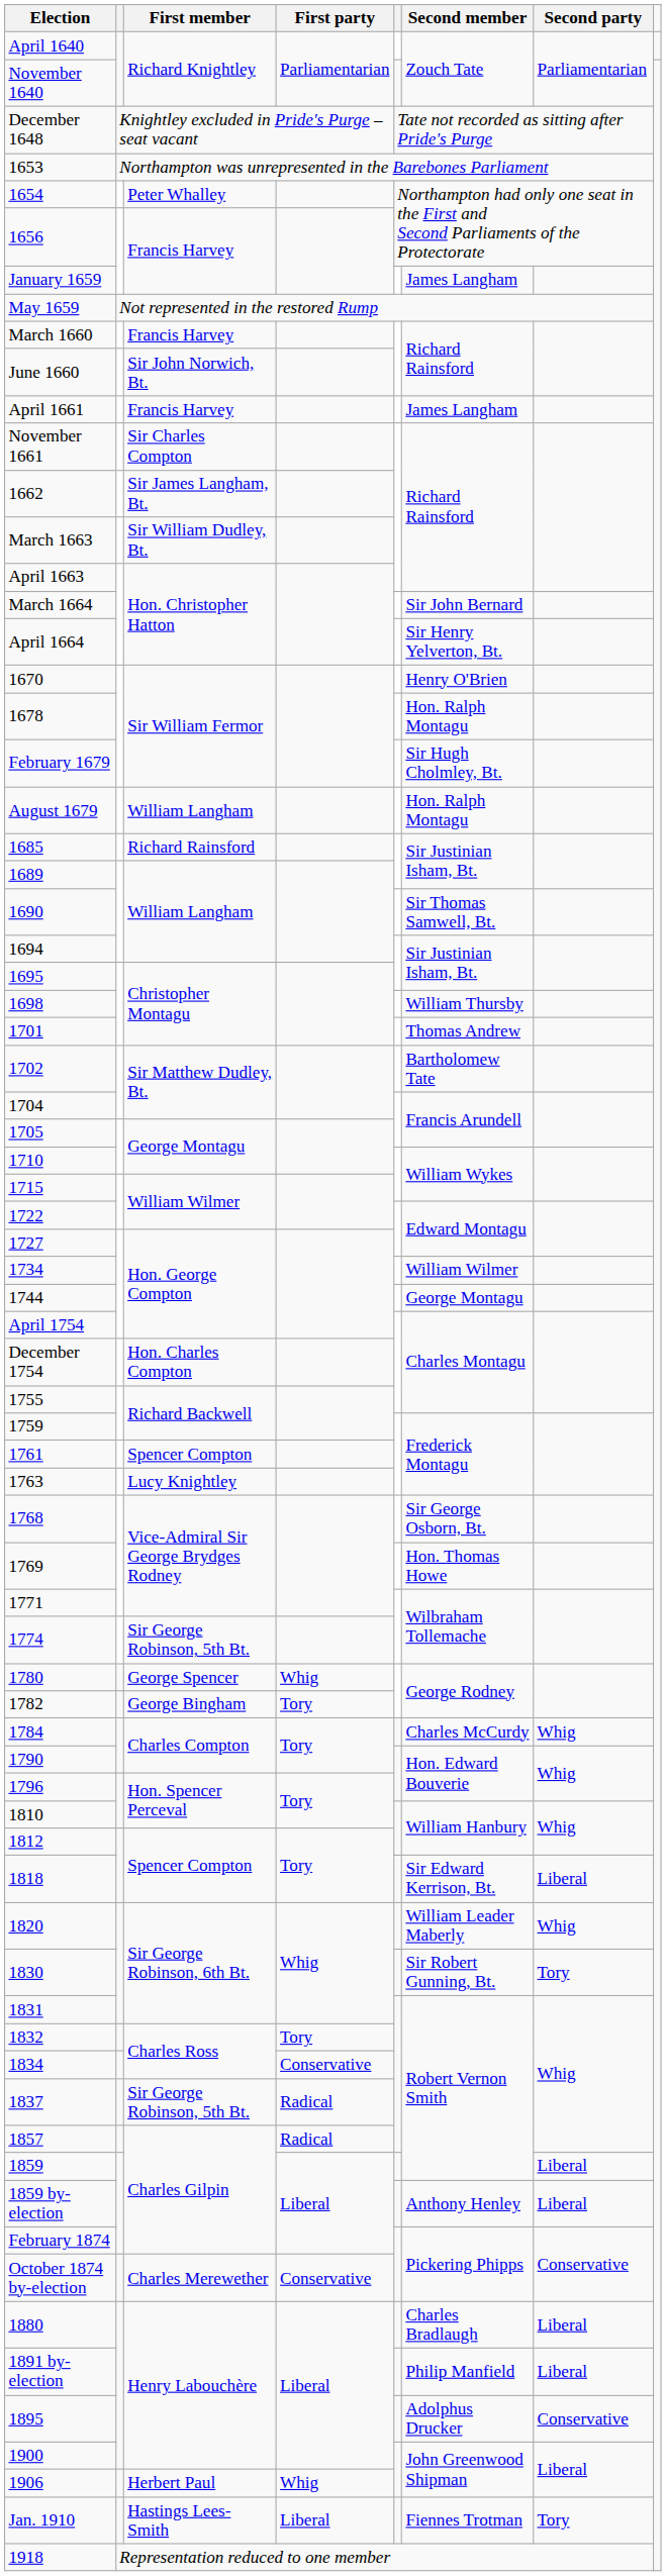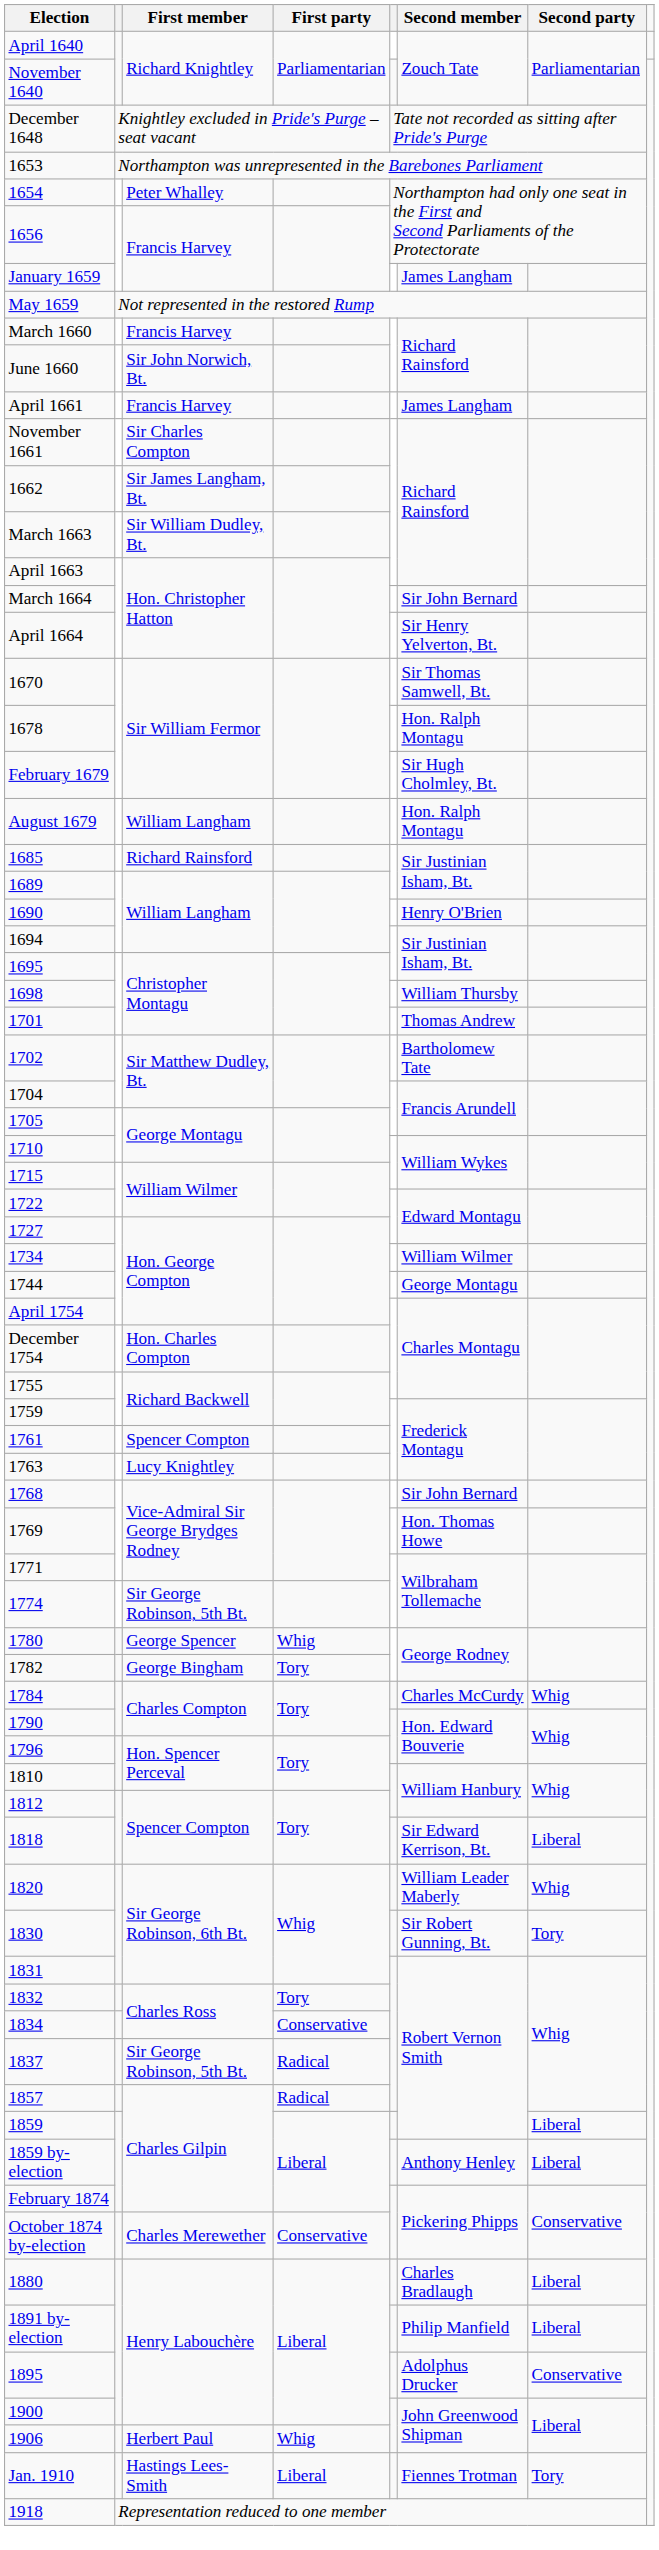 <table class="wikitable">
 <tr>
 <th>Election</th>
 <th></th>
 <th>First member</th>
 <th>First party</th>
 <th></th>
 <th>Second member</th>
 <th>Second party</th>
 </tr>
 <tr>
 <td><a href='#'>April 1640</a></td>
 <td rowspan="2" style="color:inherit;background-color: "></td>
 <td rowspan="2"><a href='#'>Richard Knightley</a></td>
 <td rowspan="2"><a href='#'>Parliamentarian</a></td>
 <td style="color:inherit;background-color: white"></td>
 <td rowspan = "2"><a href='#'>Zouch Tate</a></td>
 <td rowspan = "2"><a href='#'>Parliamentarian</a></td>
 <td></td>
 </tr>
 <tr>
 <td><a href='#'>November 1640</a></td>
 </tr>
 <tr>
 <td>December 1648</td>
 <td colspan="3"><em>Knightley excluded in <a href='#'>Pride's Purge</a> – seat vacant</em></td>
 <td colspan="3"><em>Tate not recorded as sitting after <a href='#'>Pride's Purge</a></em></td>
 </tr>
 <tr>
 <td>1653</td>
 <td colspan="6"><em>Northampton was unrepresented in the <a href='#'>Barebones Parliament</a></em></td>
 </tr>
 <tr>
 <td><a href='#'>1654</a></td>
 <td style="color:inherit;background-color: white"></td>
 <td><a href='#'>Peter Whalley</a></td>
 <td></td>
 <td rowspan="2" colspan="3"><em>Northampton had only one seat in the <a href='#'>First</a>  and <br><a href='#'>Second</a> Parliaments of the Protectorate</em></td>
 </tr>
 <tr>
 <td><a href='#'>1656</a></td>
 <td rowspan="2" style="color:inherit;background-color: white"></td>
 <td rowspan="2"><a href='#'>Francis Harvey</a></td>
 <td rowspan="2"></td>
 </tr>
 <tr>
 <td><a href='#'>January 1659</a></td>
 <td style="color:inherit;background-color: white"></td>
 <td><a href='#'>James Langham</a></td>
 <td></td>
 </tr>
 <tr>
 <td><a href='#'>May 1659</a></td>
 <td colspan="6"><em>Not represented in the restored <a href='#'>Rump</a></em></td>
 </tr>
 <tr>
 <td>March 1660</td>
 <td style="color:inherit;background-color: white"></td>
 <td><a href='#'>Francis Harvey</a></td>
 <td></td>
 <td rowspan="2" style="color:inherit;background-color: white"></td>
 <td rowspan="2"><a href='#'>Richard Rainsford</a></td>
 <td rowspan="2"></td>
 </tr>
 <tr>
 <td>June 1660</td>
 <td style="color:inherit;background-color: white"></td>
 <td><a href='#'>Sir John Norwich, Bt.</a></td>
 <td></td>
 </tr>
 <tr>
 <td>April 1661</td>
 <td style="color:inherit;background-color: white"></td>
 <td><a href='#'>Francis Harvey</a></td>
 <td></td>
 <td style="color:inherit;background-color: white"></td>
 <td><a href='#'>James Langham</a></td>
 <td></td>
 </tr>
 <tr>
 <td>November 1661</td>
 <td style="color:inherit;background-color: white"></td>
 <td><a href='#'>Sir Charles Compton</a></td>
 <td></td>
 <td rowspan="4" style="color:inherit;background-color: white"></td>
 <td rowspan="4"><a href='#'>Richard Rainsford</a></td>
 <td rowspan="4"></td>
 </tr>
 <tr>
 <td>1662</td>
 <td style="color:inherit;background-color: white"></td>
 <td><a href='#'>Sir James Langham, Bt.</a></td>
 <td></td>
 </tr>
 <tr>
 <td>March 1663</td>
 <td style="color:inherit;background-color: white"></td>
 <td><a href='#'>Sir William Dudley, Bt.</a></td>
 <td></td>
 </tr>
 <tr>
 <td>April 1663</td>
 <td rowspan="3" style="color:inherit;background-color: white"></td>
 <td rowspan="3"><a href='#'>Hon. Christopher Hatton</a></td>
 <td rowspan="3"></td>
 </tr>
 <tr>
 <td>March 1664</td>
 <td style="color:inherit;background-color: white"></td>
 <td><a href='#'>Sir John Bernard</a></td>
 <td></td>
 </tr>
 <tr>
 <td>April 1664</td>
 <td style="color:inherit;background-color: white"></td>
 <td><a href='#'>Sir Henry Yelverton, Bt.</a></td>
 <td></td>
 </tr>
 <tr>
 <td>1670</td>
 <td rowspan="3" style="color:inherit;background-color: white"></td>
 <td rowspan="3"><a href='#'>Sir William Fermor</a></td>
 <td rowspan="3"></td>
 <td style="color:inherit;background-color: white"></td>
-<td><a href='#'>Henry O'Brien</a></td>
+<td><a href='#'>Sir Thomas Samwell, Bt.</a></td>
 <td></td>
 </tr>
 <tr>
 <td>1678</td>
 <td style="color:inherit;background-color: white"></td>
 <td><a href='#'>Hon. Ralph Montagu</a></td>
 <td></td>
 </tr>
 <tr>
 <td><a href='#'>February 1679</a></td>
 <td style="color:inherit;background-color: white"></td>
 <td><a href='#'>Sir Hugh Cholmley, Bt.</a></td>
 <td></td>
 </tr>
 <tr>
 <td><a href='#'>August 1679</a></td>
 <td style="color:inherit;background-color: white"></td>
 <td><a href='#'>William Langham</a></td>
 <td></td>
 <td style="color:inherit;background-color: white"></td>
 <td><a href='#'>Hon. Ralph Montagu</a></td>
 <td></td>
 </tr>
 <tr>
 <td><a href='#'>1685</a></td>
 <td style="color:inherit;background-color: white"></td>
 <td><a href='#'>Richard Rainsford</a></td>
 <td></td>
 <td rowspan="2" style="color:inherit;background-color: white"></td>
 <td rowspan="2"><a href='#'>Sir Justinian Isham, Bt.</a></td>
 <td rowspan="2"></td>
 </tr>
 <tr>
 <td><a href='#'>1689</a></td>
 <td rowspan="3" style="color:inherit;background-color: white"></td>
 <td rowspan="3"><a href='#'>William Langham</a></td>
 <td rowspan="3"></td>
 </tr>
 <tr>
 <td><a href='#'>1690</a></td>
 <td style="color:inherit;background-color: white"></td>
-<td><a href='#'>Sir Thomas Samwell, Bt.</a></td>
+<td><a href='#'>Henry O'Brien</a></td>
 <td></td>
 </tr>
 <tr>
 <td>1694</td>
 <td rowspan="2" style="color:inherit;background-color: white"></td>
 <td rowspan="2"><a href='#'>Sir Justinian Isham, Bt.</a></td>
 <td rowspan="2"></td>
 </tr>
 <tr>
 <td><a href='#'>1695</a></td>
 <td rowspan="3" style="color:inherit;background-color: white"></td>
 <td rowspan="3"><a href='#'>Christopher Montagu</a></td>
 <td rowspan="3"></td>
 </tr>
 <tr>
 <td><a href='#'>1698</a></td>
 <td style="color:inherit;background-color: white"></td>
 <td><a href='#'>William Thursby</a></td>
 <td></td>
 </tr>
 <tr>
 <td><a href='#'>1701</a></td>
 <td style="color:inherit;background-color: white"></td>
 <td><a href='#'>Thomas Andrew</a></td>
 <td></td>
 </tr>
 <tr>
 <td><a href='#'>1702</a></td>
 <td rowspan="2" style="color:inherit;background-color: white"></td>
 <td rowspan="2"><a href='#'>Sir Matthew Dudley, Bt.</a></td>
 <td rowspan="2"></td>
 <td style="color:inherit;background-color: white"></td>
 <td><a href='#'>Bartholomew Tate</a></td>
 <td></td>
 </tr>
 <tr>
 <td>1704</td>
 <td rowspan="2" style="color:inherit;background-color: white"></td>
 <td rowspan="2"><a href='#'>Francis Arundell</a></td>
 <td rowspan="2"></td>
 </tr>
 <tr>
 <td><a href='#'>1705</a></td>
 <td rowspan="2"  style="color:inherit;background-color: white"></td>
 <td rowspan="2"><a href='#'>George Montagu</a></td>
 <td rowspan="2"></td>
 </tr>
 <tr>
 <td><a href='#'>1710</a></td>
 <td rowspan="2" style="color:inherit;background-color: white"></td>
 <td rowspan="2"><a href='#'>William Wykes</a></td>
 <td rowspan="2"></td>
 </tr>
 <tr>
 <td><a href='#'>1715</a></td>
 <td rowspan="2" style="color:inherit;background-color: white"></td>
 <td rowspan="2"><a href='#'>William Wilmer</a></td>
 <td rowspan="2"></td>
 </tr>
 <tr>
 <td><a href='#'>1722</a></td>
 <td rowspan="2" style="color:inherit;background-color: white"></td>
 <td rowspan="2"><a href='#'>Edward Montagu</a></td>
 <td rowspan="2"></td>
 </tr>
 <tr>
 <td><a href='#'>1727</a></td>
 <td rowspan="4" style="color:inherit;background-color: white"></td>
 <td rowspan="4"><a href='#'>Hon. George Compton</a></td>
 <td rowspan="4"></td>
 </tr>
 <tr>
 <td><a href='#'>1734</a></td>
 <td style="color:inherit;background-color: white"></td>
 <td><a href='#'>William Wilmer</a></td>
 <td></td>
 </tr>
 <tr>
 <td>1744</td>
 <td style="color:inherit;background-color: white"></td>
 <td><a href='#'>George Montagu</a></td>
 <td></td>
 </tr>
 <tr>
 <td><a href='#'>April 1754</a></td>
 <td rowspan="3" style="color:inherit;background-color: white"></td>
 <td rowspan="3"><a href='#'>Charles Montagu</a></td>
 <td rowspan="3"></td>
 </tr>
 <tr>
 <td>December 1754</td>
 <td style="color:inherit;background-color: white"></td>
 <td><a href='#'>Hon. Charles Compton</a></td>
 <td></td>
 </tr>
 <tr>
 <td>1755</td>
 <td rowspan="2" style="color:inherit;background-color: white"></td>
 <td rowspan="2"><a href='#'>Richard Backwell</a></td>
 <td rowspan="2"></td>
 </tr>
 <tr>
 <td>1759</td>
 <td rowspan="3" style="color:inherit;background-color: white"></td>
 <td rowspan="3"><a href='#'>Frederick Montagu</a></td>
 <td rowspan="3"></td>
 </tr>
 <tr>
 <td><a href='#'>1761</a></td>
 <td style="color:inherit;background-color: white"></td>
 <td><a href='#'>Spencer Compton</a></td>
 <td></td>
 </tr>
 <tr>
 <td>1763</td>
 <td style="color:inherit;background-color: white"></td>
 <td><a href='#'>Lucy Knightley</a></td>
 <td></td>
 </tr>
 <tr>
 <td><a href='#'>1768</a></td>
 <td rowspan="3" style="color:inherit;background-color: white"></td>
 <td rowspan="3"><a href='#'>Vice-Admiral Sir George Brydges Rodney</a></td>
 <td rowspan="3"></td>
 <td style="color:inherit;background-color: white"></td>
-<td><a href='#'>Sir George Osborn, Bt.</a></td>
+<td><a href='#'>Sir John Bernard</a></td>
 <td></td>
 </tr>
 <tr>
 <td>1769</td>
 <td style="color:inherit;background-color: white"></td>
 <td><a href='#'>Hon. Thomas Howe</a></td>
 <td></td>
 </tr>
 <tr>
 <td>1771</td>
 <td rowspan="2" style="color:inherit;background-color: white"></td>
 <td rowspan="2"><a href='#'>Wilbraham Tollemache</a></td>
 <td rowspan="2"></td>
 </tr>
 <tr>
 <td><a href='#'>1774</a></td>
 <td style="color:inherit;background-color: white"></td>
 <td><a href='#'>Sir George Robinson, 5th Bt.</a></td>
 <td></td>
 </tr>
 <tr>
 <td><a href='#'>1780</a></td>
 <td style="color:inherit;background-color: "></td>
 <td><a href='#'>George Spencer</a></td>
 <td><a href='#'>Whig</a></td>
 <td rowspan="2" style="color:inherit;background-color: white"></td>
 <td rowspan="2"><a href='#'>George Rodney</a></td>
 <td rowspan="2"></td>
 </tr>
 <tr>
 <td>1782</td>
 <td style="color:inherit;background-color: "></td>
 <td><a href='#'>George Bingham</a></td>
 <td><a href='#'>Tory</a></td>
 </tr>
 <tr>
 <td><a href='#'>1784</a></td>
 <td rowspan="2" style="color:inherit;background-color: "></td>
 <td rowspan="2"><a href='#'>Charles Compton</a></td>
 <td rowspan="2"><a href='#'>Tory</a></td>
 <td style="color:inherit;background-color: "></td>
 <td><a href='#'>Charles McCurdy</a></td>
 <td><a href='#'>Whig</a></td>
 </tr>
 <tr>
 <td><a href='#'>1790</a></td>
 <td rowspan="2" style="color:inherit;background-color: "></td>
 <td rowspan="2"><a href='#'>Hon. Edward Bouverie</a></td>
 <td rowspan="2"><a href='#'>Whig</a></td>
 </tr>
 <tr>
 <td><a href='#'>1796</a></td>
 <td rowspan="2" style="color:inherit;background-color: "></td>
 <td rowspan="2"><a href='#'>Hon. Spencer Perceval</a></td>
 <td rowspan="2"><a href='#'>Tory</a></td>
 </tr>
 <tr>
 <td>1810</td>
 <td rowspan="2" style="color:inherit;background-color: "></td>
 <td rowspan="2"><a href='#'>William Hanbury</a></td>
 <td rowspan="2"><a href='#'>Whig</a></td>
 </tr>
 <tr>
 <td><a href='#'>1812</a></td>
 <td rowspan="2" style="color:inherit;background-color: "></td>
 <td rowspan="2"><a href='#'>Spencer Compton</a></td>
 <td rowspan="2"><a href='#'>Tory</a></td>
 </tr>
 <tr>
 <td><a href='#'>1818</a></td>
 <td style="color:inherit;background-color: "></td>
 <td><a href='#'>Sir Edward Kerrison, Bt.</a></td>
 <td><a href='#'>Liberal</a></td>
 </tr>
 <tr>
 <td><a href='#'>1820</a></td>
 <td rowspan="3" style="color:inherit;background-color: "></td>
 <td rowspan="3"><a href='#'>Sir George Robinson, 6th Bt.</a></td>
 <td rowspan="3"><a href='#'>Whig</a></td>
 <td style="color:inherit;background-color: "></td>
 <td><a href='#'>William Leader Maberly</a></td>
 <td><a href='#'>Whig</a></td>
 </tr>
 <tr>
 <td><a href='#'>1830</a></td>
 <td style="color:inherit;background-color: "></td>
 <td><a href='#'>Sir Robert Gunning, Bt.</a></td>
 <td><a href='#'>Tory</a></td>
 </tr>
 <tr>
 <td><a href='#'>1831</a></td>
 <td rowspan="5" style="color:inherit;background-color: "></td>
 <td rowspan="6"><a href='#'>Robert Vernon Smith</a></td>
 <td rowspan="5"><a href='#'>Whig</a></td>
 </tr>
 <tr>
 <td><a href='#'>1832</a></td>
 <td style="color:inherit;background-color: "></td>
 <td rowspan="2"><a href='#'>Charles Ross</a></td>
 <td><a href='#'>Tory</a></td>
 </tr>
 <tr>
 <td><a href='#'>1834</a></td>
 <td style="color:inherit;background-color: "></td>
 <td><a href='#'>Conservative</a></td>
 </tr>
 <tr>
 <td><a href='#'>1837</a></td>
 <td style="color:inherit;background-color: "></td>
 <td><a href='#'>Sir George Robinson, 5th Bt.</a></td>
 <td><a href='#'>Radical</a></td>
 </tr>
 <tr>
 <td><a href='#'>1857</a></td>
 <td style="color:inherit;background-color: "></td>
 <td rowspan="4"><a href='#'>Charles Gilpin</a></td>
 <td><a href='#'>Radical</a></td>
 </tr>
 <tr>
 <td><a href='#'>1859</a></td>
 <td rowspan="3" style="color:inherit;background-color: "></td>
 <td rowspan="3"><a href='#'>Liberal</a></td>
 <td rowspan="1" style="color:inherit;background-color: "></td>
 <td rowspan="1"><a href='#'>Liberal</a></td>
 </tr>
 <tr>
 <td><a href='#'>1859 by-election</a></td>
 <td style="color:inherit;background-color: "></td>
 <td><a href='#'>Anthony Henley</a></td>
 <td><a href='#'>Liberal</a></td>
 </tr>
 <tr>
 <td><a href='#'>February 1874</a></td>
 <td rowspan="2" style="color:inherit;background-color: "></td>
 <td rowspan="2"><a href='#'>Pickering Phipps</a></td>
 <td rowspan="2"><a href='#'>Conservative</a></td>
 </tr>
 <tr>
 <td><a href='#'>October 1874 by-election</a></td>
 <td style="color:inherit;background-color: "></td>
 <td><a href='#'>Charles Merewether</a></td>
 <td><a href='#'>Conservative</a></td>
 </tr>
 <tr>
 <td><a href='#'>1880</a></td>
 <td rowspan="4" style="color:inherit;background-color: "></td>
 <td rowspan="4"><a href='#'>Henry Labouchère</a></td>
 <td rowspan="4"><a href='#'>Liberal</a></td>
 <td style="color:inherit;background-color: "></td>
 <td><a href='#'>Charles Bradlaugh</a></td>
 <td><a href='#'>Liberal</a></td>
 </tr>
 <tr>
 <td><a href='#'>1891 by-election</a></td>
 <td style="color:inherit;background-color: "></td>
 <td><a href='#'>Philip Manfield</a></td>
 <td><a href='#'>Liberal</a></td>
 </tr>
 <tr>
 <td><a href='#'>1895</a></td>
 <td style="color:inherit;background-color: "></td>
 <td><a href='#'>Adolphus Drucker</a></td>
 <td><a href='#'>Conservative</a></td>
 </tr>
 <tr>
 <td><a href='#'>1900</a></td>
 <td rowspan="2" style="color:inherit;background-color: "></td>
 <td rowspan="2"><a href='#'>John Greenwood Shipman</a></td>
 <td rowspan="2"><a href='#'>Liberal</a></td>
 </tr>
 <tr>
 <td><a href='#'>1906</a></td>
 <td style="color:inherit;background-color: "></td>
 <td><a href='#'>Herbert Paul</a></td>
 <td><a href='#'>Whig</a></td>
 </tr>
 <tr>
 <td><a href='#'>Jan. 1910</a></td>
 <td style="color:inherit;background-color: "></td>
 <td><a href='#'>Hastings Lees-Smith</a></td>
 <td><a href='#'>Liberal</a></td>
 <td style="color:inherit;background-color: "></td>
 <td><a href='#'>Fiennes Trotman</a></td>
 <td><a href='#'>Tory</a></td>
 </tr>
 <tr>
 <td><a href='#'>1918</a></td>
 <td colspan="6"><em>Representation reduced to one member</em></td>
 </tr>
 </table>
